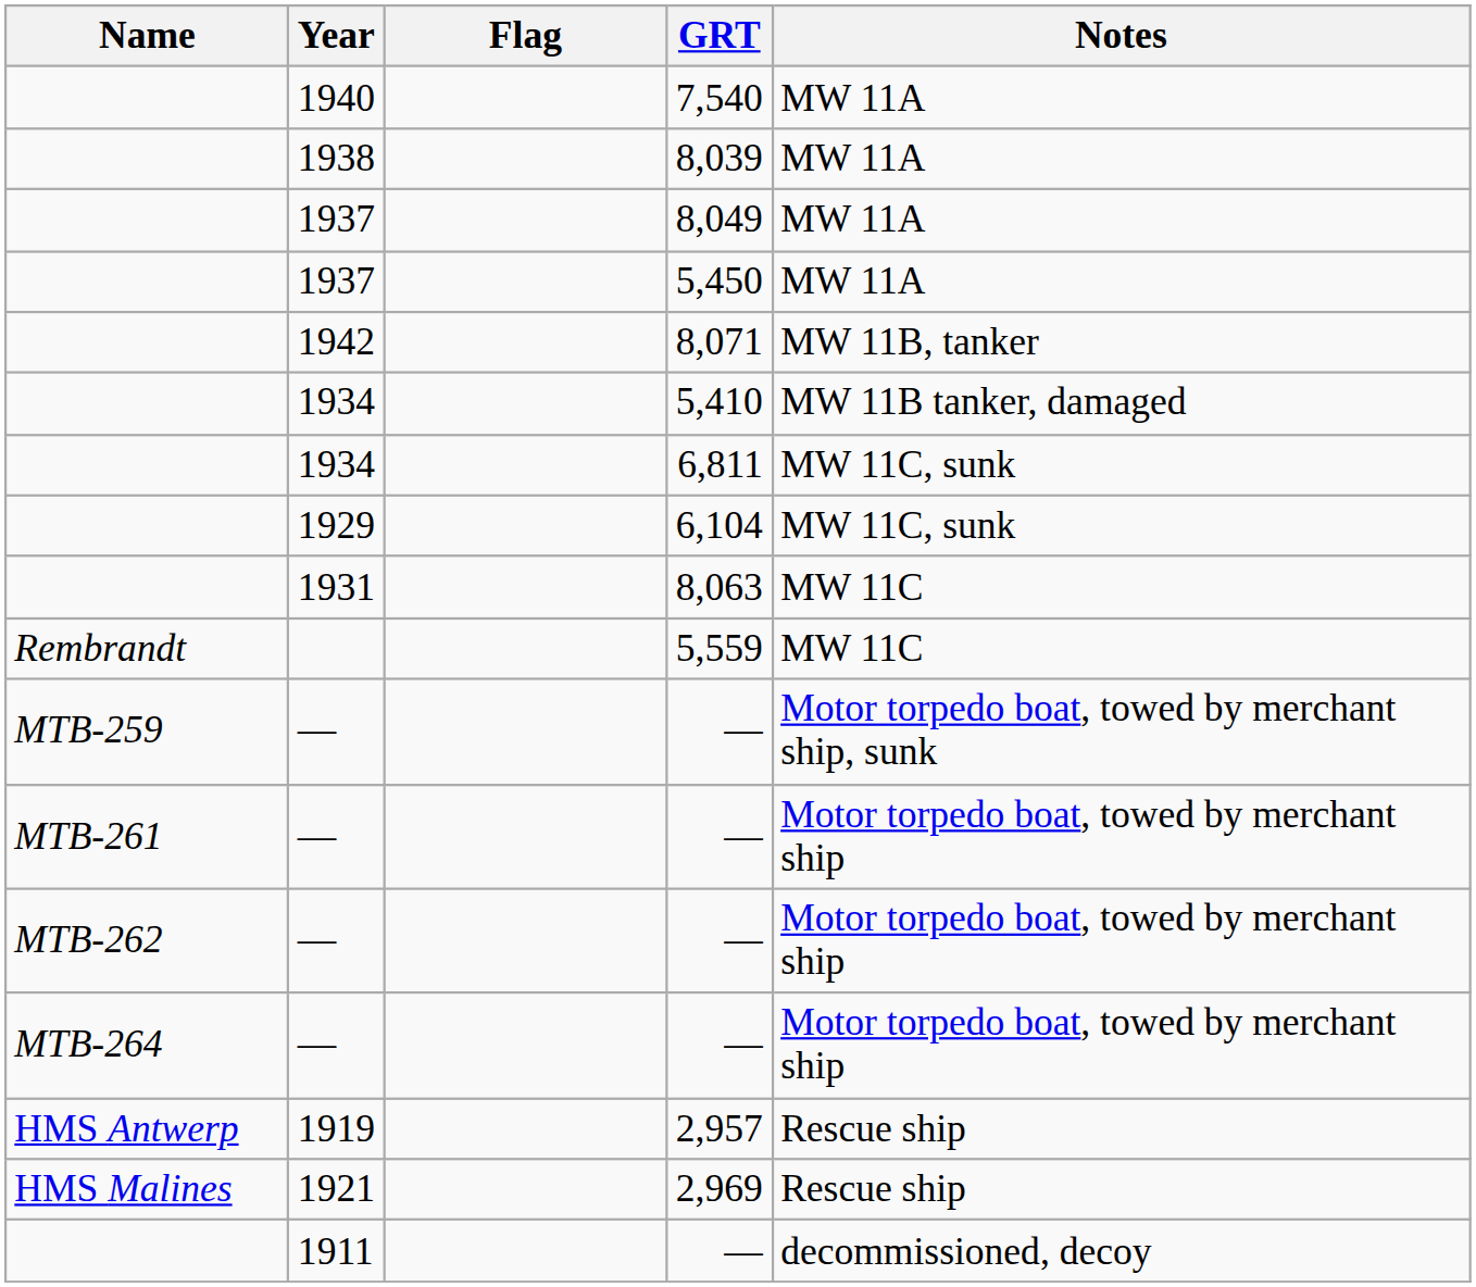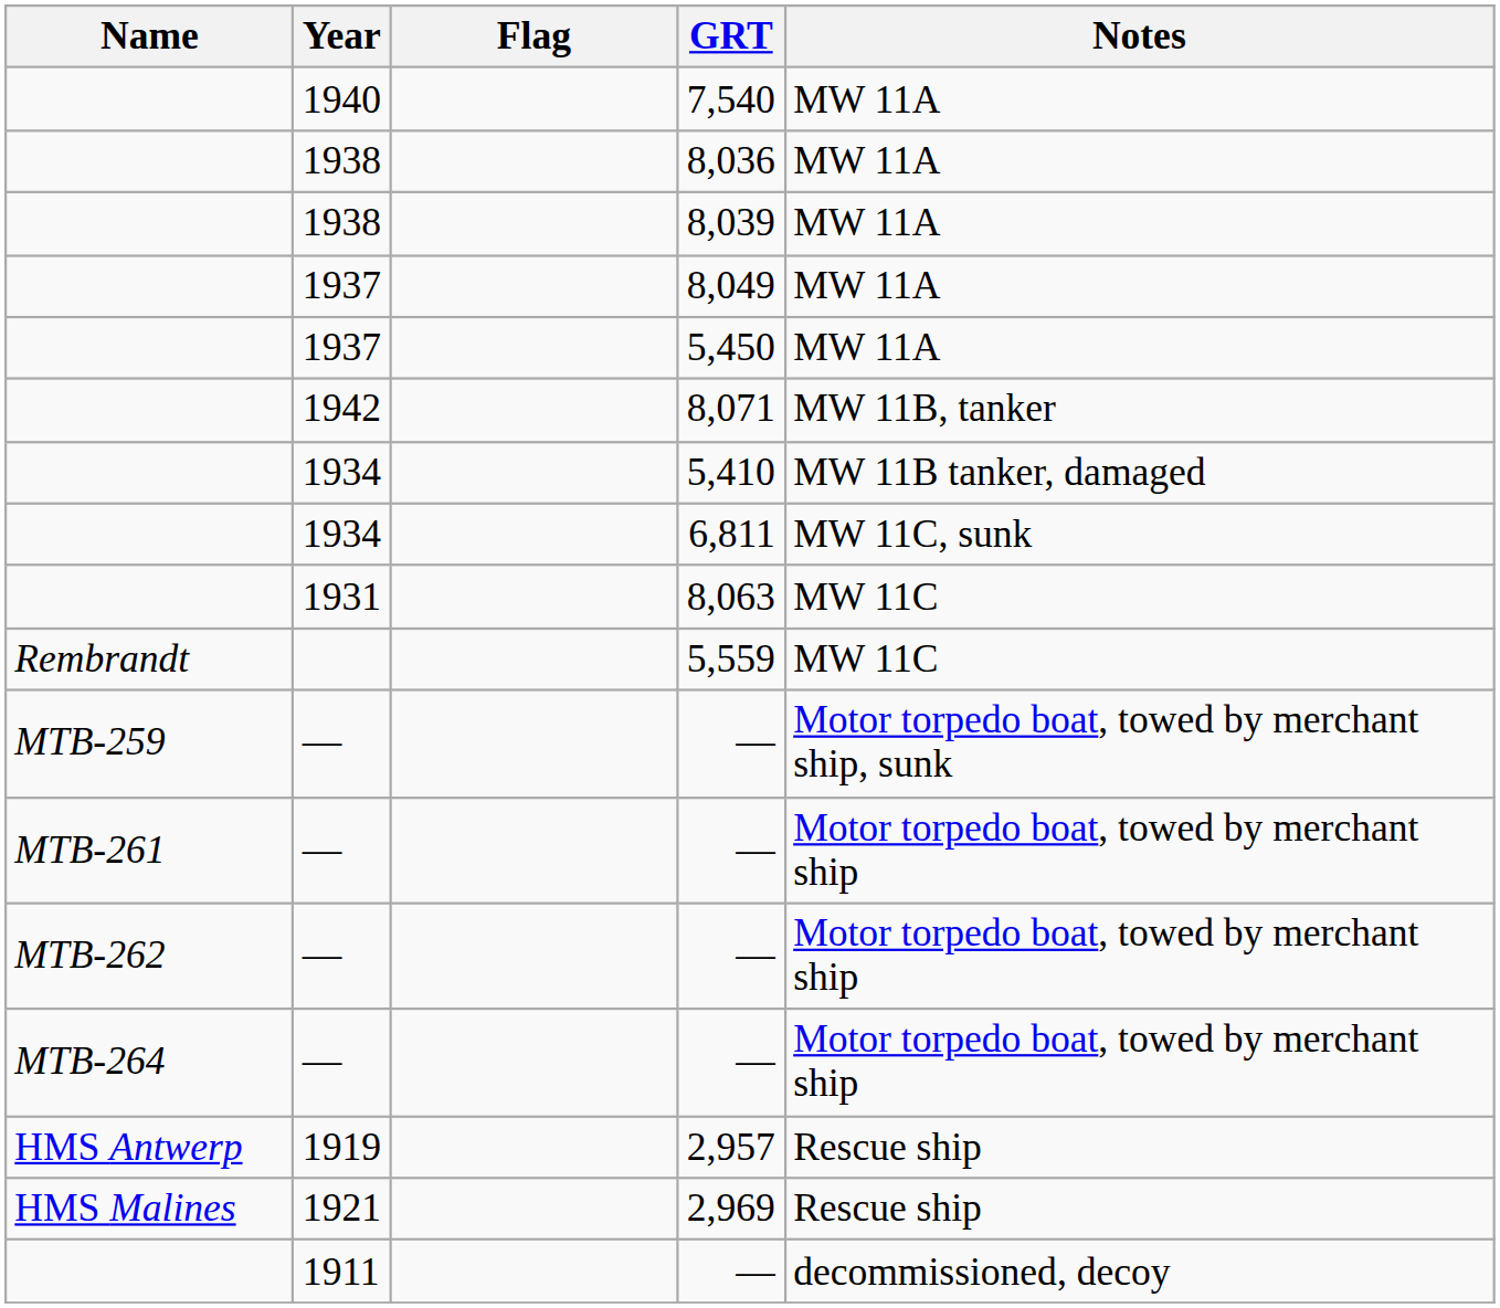 <table class="wikitable sortable">
 <tr>
 <th scope="col" width="110px">Name</th>
 <th scope="col" width="25px">Year</th>
 <th scope="col" width="110px">Flag</th>
 <th scope="col" width="25px"><a href='#'>GRT</a></th>
 <th>Notes</th>
 </tr>
 <tr>
 <td align="left"></td>
 <td align="left">1940</td>
 <td align="left"></td>
 <td align="right">7,540</td>
+<td align="left">MW 11A</td>
+</tr>
+<tr>
+<td align="left"></td>
+<td align="left">1938</td>
+<td align="left"></td>
+<td align="right">8,036</td>
 <td align="left">MW 11A</td>
 </tr>
 <tr>
 <td align="left"></td>
 <td align="left">1938</td>
 <td align="left"></td>
 <td align="right">8,039</td>
 <td align="left">MW 11A</td>
 </tr>
 <tr>
 <td align="left"></td>
 <td align="left">1937</td>
 <td align="left"></td>
 <td align="right">8,049</td>
 <td align="left">MW 11A</td>
 </tr>
 <tr>
 <td align="left"></td>
 <td align="left">1937</td>
 <td align="left"></td>
 <td align="right">5,450</td>
 <td align="left">MW 11A</td>
 </tr>
 <tr>
 <td align="left"></td>
 <td align="left">1942</td>
 <td align="left"></td>
 <td align="right">8,071</td>
 <td align="left">MW 11B, tanker</td>
 </tr>
 <tr>
 <td align="left"></td>
 <td align="left">1934</td>
 <td align="left"></td>
 <td align="right">5,410</td>
 <td align="left">MW 11B tanker, damaged</td>
 </tr>
 <tr>
 <td align="left"></td>
 <td align="left">1934</td>
 <td align="left"></td>
 <td align="right">6,811</td>
-<td align="left">MW 11C, sunk</td>
-</tr>
-<tr>
-<td align="left"></td>
-<td align="left">1929</td>
-<td align="left"></td>
-<td align="right">6,104</td>
 <td align="left">MW 11C, sunk</td>
 </tr>
 <tr>
 <td align="left"></td>
 <td align="left">1931</td>
 <td align="left"></td>
 <td align="right">8,063</td>
 <td align="left">MW 11C</td>
 </tr>
 <tr>
 <td align="left"><em>Rembrandt</em></td>
 <td align="left"></td>
 <td align="left"></td>
 <td align="right">5,559</td>
 <td align="left">MW 11C</td>
 </tr>
 <tr>
 <td align="left"><em>MTB-259</em></td>
 <td align="left">—</td>
 <td align="left"></td>
 <td align="right">—</td>
 <td align="left"><a href='#'>Motor torpedo boat</a>, towed by merchant ship, sunk</td>
 </tr>
 <tr>
 <td align="left"><em>MTB-261</em></td>
 <td align="left">—</td>
 <td align="left"></td>
 <td align="right">—</td>
 <td align="left"><a href='#'>Motor torpedo boat</a>, towed by merchant ship</td>
 </tr>
 <tr>
 <td align="left"><em>MTB-262</em></td>
 <td align="left">—</td>
 <td align="left"></td>
 <td align="right">—</td>
 <td align="left"><a href='#'>Motor torpedo boat</a>, towed by merchant ship</td>
 </tr>
 <tr>
 <td align="left"><em>MTB-264</em></td>
 <td align="left">—</td>
 <td align="left"></td>
 <td align="right">—</td>
 <td align="left"><a href='#'>Motor torpedo boat</a>, towed by merchant ship</td>
 </tr>
 <tr>
 <td align="left"><a href='#'>HMS <em>Antwerp</em></a></td>
 <td align="left">1919</td>
 <td align="left"></td>
 <td align="right">2,957</td>
 <td align="left">Rescue ship</td>
 </tr>
 <tr>
 <td align="left"><a href='#'>HMS <em>Malines</em></a></td>
 <td align="left">1921</td>
 <td align="left"></td>
 <td align="right">2,969</td>
 <td align="left">Rescue ship</td>
 </tr>
 <tr>
 <td align="left"></td>
 <td align="left">1911</td>
 <td align="left"></td>
 <td align="right">—</td>
 <td align="left"> decommissioned, decoy</td>
 </tr>
 <tr>
 </tr>
 </table>
